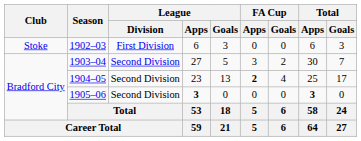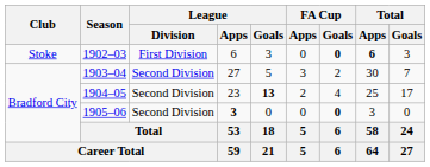 <table class="wikitable" style="text-align: center;">
 <tr>
 <th rowspan="2">Club</th>
 <th rowspan="2">Season</th>
 <th colspan="3">League</th>
 <th colspan="2">FA Cup</th>
 <th colspan="2">Total</th>
 </tr>
 <tr>
 <th>Division</th>
 <th>Apps</th>
 <th>Goals</th>
 <th>Apps</th>
 <th>Goals</th>
 <th>Apps</th>
 <th>Goals</th>
 </tr>
 <tr>
 <td><a href='#'>Stoke</a></td>
 <td><a href='#'>1902–03</a></td>
 <td><a href='#'>First Division</a></td>
 <td>6</td>
 <td>3</td>
 <td>0</td>
-<td>0</td>
-<td>6</td>
+<td><strong>0</strong></td>
+<td><strong>6</strong></td>
 <td>3</td>
 </tr>
 <tr>
 <td rowspan="4"><a href='#'>Bradford City</a></td>
 <td><a href='#'>1903–04</a></td>
 <td><a href='#'>Second Division</a></td>
 <td>27</td>
 <td>5</td>
 <td>3</td>
 <td>2</td>
 <td>30</td>
 <td>7</td>
 </tr>
 <tr>
 <td><a href='#'>1904–05</a></td>
 <td>Second Division</td>
 <td>23</td>
-<td>13</td>
-<td><strong>2</strong></td>
+<td><strong>13</strong></td>
+<td>2</td>
 <td>4</td>
 <td>25</td>
 <td>17</td>
 </tr>
 <tr>
 <td><a href='#'>1905–06</a></td>
 <td>Second Division</td>
 <td><strong>3</strong></td>
 <td>0</td>
 <td>0</td>
-<td>0</td>
-<td><strong>3</strong></td>
+<td><strong>0</strong></td>
+<td>3</td>
 <td>0</td>
 </tr>
 <tr>
 <th colspan=2>Total</th>
 <th>53</th>
 <th>18</th>
 <th>5</th>
 <th>6</th>
 <th>58</th>
 <th>24</th>
 </tr>
 <tr>
 <th colspan=3>Career Total</th>
 <th>59</th>
 <th>21</th>
 <th>5</th>
 <th>6</th>
 <th>64</th>
 <th>27</th>
 </tr>
 </table>
